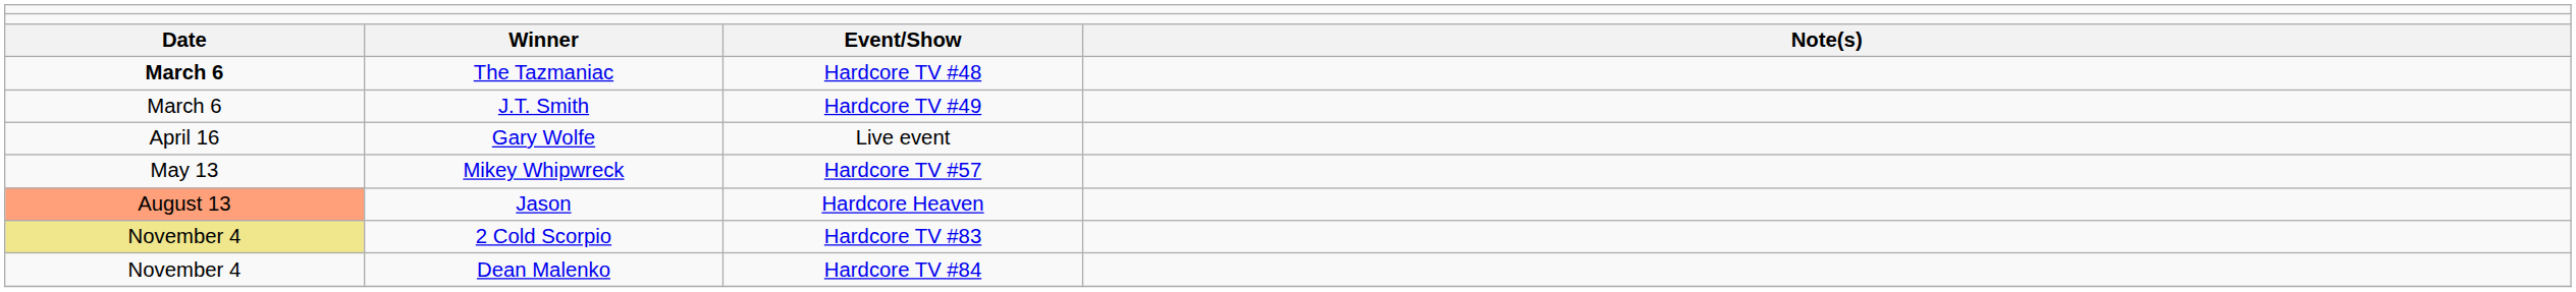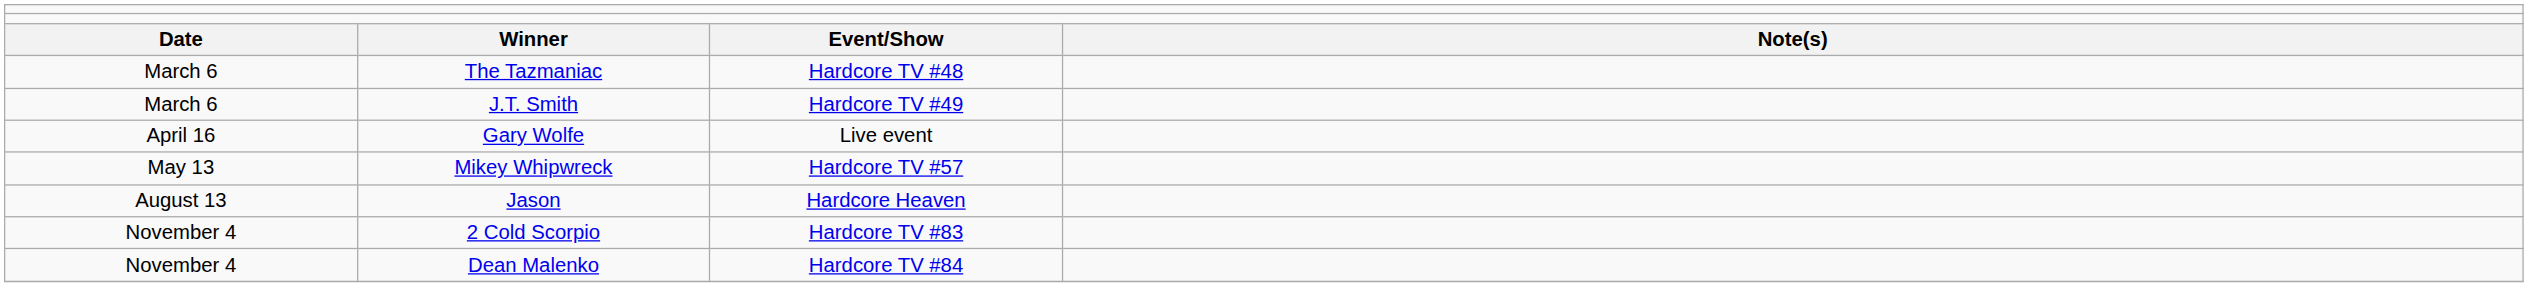 <table class="wikitable" style="text-align:center; width:100%;">
 <tr>
 <td colspan="5"></td>
 </tr>
 <tr>
 <td colspan="5"><strong></strong></td>
 </tr>
 <tr>
 <th width=14%>Date</th>
 <th width=14%>Winner</th>
 <th width=14%>Event/Show</th>
 <th width=58%>Note(s)</th>
 </tr>
 <tr>
-<td><strong>March 6</strong></td>
+<td>March 6</td>
 <td><a href='#'>The Tazmaniac</a></td>
 <td><a href='#'>Hardcore TV #48</a></td>
 <td align=left></td>
 </tr>
 <tr>
 <td>March 6</td>
 <td><a href='#'>J.T. Smith</a></td>
 <td><a href='#'>Hardcore TV #49</a></td>
 <td align=left></td>
 </tr>
 <tr>
 <td>April 16</td>
 <td><a href='#'>Gary Wolfe</a></td>
 <td>Live event</td>
 <td align=left></td>
 </tr>
 <tr>
 <td>May 13</td>
 <td><a href='#'>Mikey Whipwreck</a></td>
 <td><a href='#'>Hardcore TV #57</a></td>
 <td align=left></td>
 </tr>
 <tr>
-<td style="background: lightsalmon;">August 13</td>
+<td>August 13</td>
 <td><a href='#'>Jason</a></td>
 <td><a href='#'>Hardcore Heaven</a></td>
 <td align=left></td>
 </tr>
 <tr>
-<td style="background: khaki;">November 4</td>
+<td>November 4</td>
 <td><a href='#'>2 Cold Scorpio</a></td>
 <td><a href='#'>Hardcore TV #83</a></td>
 <td align=left></td>
 </tr>
 <tr>
 <td>November 4</td>
 <td><a href='#'>Dean Malenko</a></td>
 <td><a href='#'>Hardcore TV #84</a></td>
 <td align=left></td>
 </tr>
 <tr>
 </tr>
 </table>
